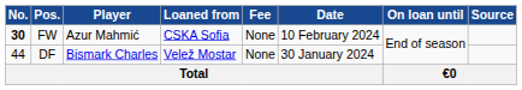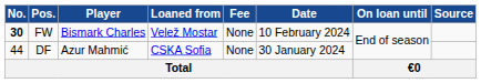 <table class="wikitable plainrowheaders sortable">
 <tr>
 <th style="background:#18488f; color:#FFFFFF; ">No.</th>
 <th style="background:#18488f; color:#FFFFFF; ">Pos.</th>
 <th style="background:#18488f; color:#FFFFFF; ">Player</th>
 <th style="background:#18488f; color:#FFFFFF; ">Loaned from</th>
 <th style="background:#18488f; color:#FFFFFF; ">Fee</th>
 <th style="background:#18488f; color:#FFFFFF; ">Date</th>
 <th style="background:#18488f; color:#FFFFFF; ">On loan until</th>
 <th style="background:#18488f; color:#FFFFFF; ">Source</th>
 </tr>
 <tr>
 <td align=center><strong>30</strong></td>
 <td align=center>FW</td>
-<td> Azur Mahmić</td>
-<td> <a href='#'>CSKA Sofia</a></td>
+<td> <a href='#'>Bismark Charles</a></td>
+<td><a href='#'>Velež Mostar</a></td>
 <td>None</td>
 <td>10 February 2024</td>
 <td rowspan=2>End of season</td>
 <td align=center></td>
 </tr>
 <tr>
 <td align=center>44</td>
 <td align=center>DF</td>
-<td> <a href='#'>Bismark Charles</a></td>
-<td><a href='#'>Velež Mostar</a></td>
+<td> Azur Mahmić</td>
+<td> <a href='#'>CSKA Sofia</a></td>
 <td>None</td>
 <td>30 January 2024</td>
 <td align=center></td>
 </tr>
 <tr>
 <th colspan="6">Total</th>
 <th colspan="2">€0</th>
 </tr>
 </table>
